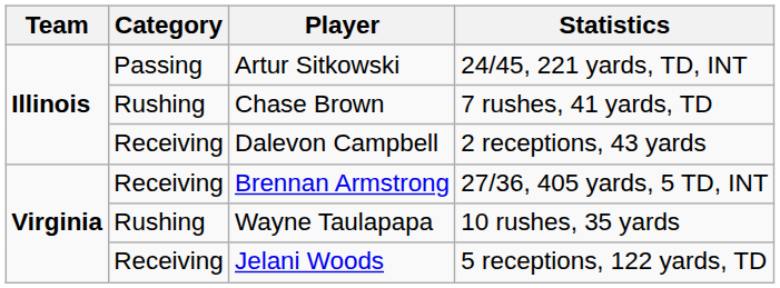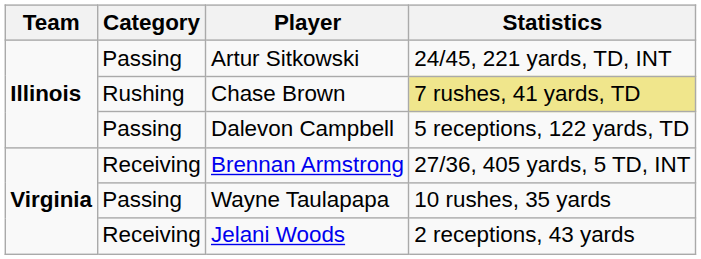 <table class="wikitable" style="float: right;">
 <tr>
 <th>Team</th>
 <th>Category</th>
 <th>Player</th>
 <th>Statistics</th>
 </tr>
 <tr>
 <td rowspan=3><strong>Illinois</strong></td>
 <td>Passing</td>
 <td>Artur Sitkowski</td>
 <td>24/45, 221 yards, TD, INT</td>
 </tr>
 <tr>
 <td>Rushing</td>
 <td>Chase Brown</td>
-<td>7 rushes, 41 yards, TD</td>
+<td style="background: khaki;">7 rushes, 41 yards, TD</td>
 </tr>
 <tr>
-<td>Receiving</td>
+<td>Passing</td>
 <td>Dalevon Campbell</td>
-<td>2 receptions, 43 yards</td>
+<td>5 receptions, 122 yards, TD</td>
 </tr>
 <tr>
 <td rowspan=3><strong>Virginia</strong></td>
 <td>Receiving</td>
 <td><a href='#'>Brennan Armstrong</a></td>
 <td>27/36, 405 yards, 5 TD, INT</td>
 </tr>
 <tr>
-<td>Rushing</td>
+<td>Passing</td>
 <td>Wayne Taulapapa</td>
 <td>10 rushes, 35 yards</td>
 </tr>
 <tr>
 <td>Receiving</td>
 <td><a href='#'>Jelani Woods</a></td>
-<td>5 receptions, 122 yards, TD</td>
+<td>2 receptions, 43 yards</td>
 </tr>
 </table>
